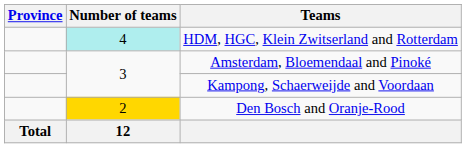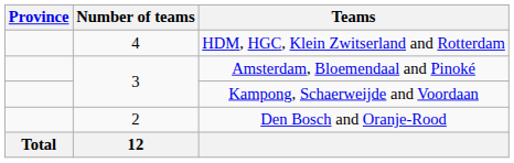 <table class="wikitable" style="text-align:center">
 <tr>
 <th><a href='#'>Province</a></th>
 <th>Number of teams</th>
 <th>Teams</th>
 </tr>
 <tr>
 <td align="left"></td>
-<td style="background: paleturquoise;">4</td>
+<td>4</td>
 <td><a href='#'>HDM</a>, <a href='#'>HGC</a>, <a href='#'>Klein Zwitserland</a> and <a href='#'>Rotterdam</a></td>
 </tr>
 <tr>
 <td align="left"></td>
 <td rowspan=2>3</td>
 <td><a href='#'>Amsterdam</a>, <a href='#'>Bloemendaal</a> and <a href='#'>Pinoké</a></td>
 </tr>
 <tr>
 <td align="left"></td>
 <td><a href='#'>Kampong</a>, <a href='#'>Schaerweijde</a> and <a href='#'>Voordaan</a></td>
 </tr>
 <tr>
 <td align="left"></td>
-<td style="background: gold;">2</td>
+<td>2</td>
 <td><a href='#'>Den Bosch</a> and <a href='#'>Oranje-Rood</a></td>
 </tr>
 <tr>
 <th>Total</th>
 <th>12</th>
 <th></th>
 </tr>
 </table>
